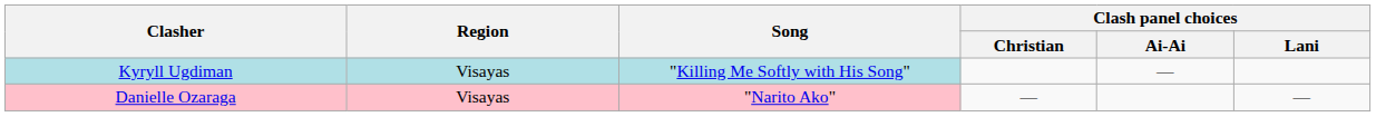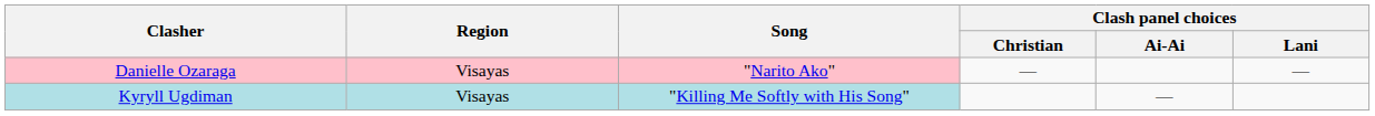 <table class="wikitable" style="text-align:center; line-height:17px; width:100%;">
 <tr>
 <th rowspan="2" width="25%">Clasher</th>
 <th rowspan="2">Region</th>
 <th rowspan="2" width="25%">Song</th>
 <th colspan="3" width="30%">Clash panel choices</th>
 </tr>
 <tr>
 <th width="10%">Christian</th>
 <th width="10%">Ai-Ai</th>
 <th width="10%">Lani</th>
 </tr>
 <tr>
+<td style="background:pink;"><a href='#'>Danielle Ozaraga</a></td>
+<td style="background:pink;">Visayas</td>
+<td style="background:pink;">"<a href='#'>Narito Ako</a>"</td>
+<td>—</td>
+<td><strong></strong></td>
+<td>—</td>
+</tr>
+<tr>
 <td style="background:#b0e0e6;"><a href='#'>Kyryll Ugdiman</a></td>
 <td style="background:#b0e0e6;">Visayas</td>
 <td style="background:#b0e0e6;">"<a href='#'>Killing Me Softly with His Song</a>"</td>
 <td><strong></strong></td>
 <td>—</td>
 <td><strong></strong></td>
 </tr>
-<tr>
-<td style="background:pink;"><a href='#'>Danielle Ozaraga</a></td>
-<td style="background:pink;">Visayas</td>
-<td style="background:pink;">"<a href='#'>Narito Ako</a>"</td>
-<td>—</td>
-<td><strong></strong></td>
-<td>—</td>
-</tr>
 </table>
